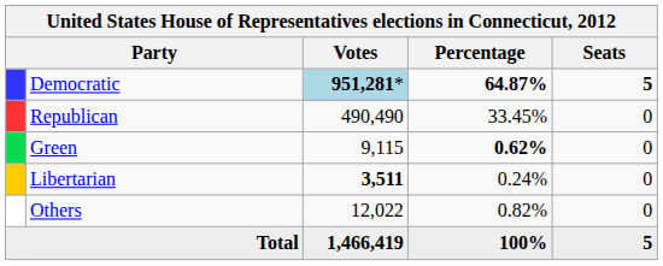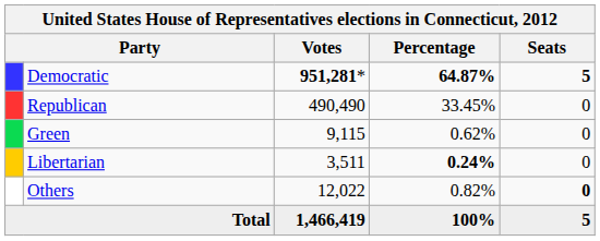 <table class="wikitable" style="font-size: 95%;">
 <tr>
 <th colspan="6">United States House of Representatives elections in Connecticut, 2012</th>
 </tr>
 <tr>
 <th colspan=2 style="width: 15em">Party</th>
 <th style="width: 5em">Votes</th>
 <th style="width: 7em">Percentage</th>
 <th style="width: 5em">Seats</th>
 </tr>
 <tr>
 <th style="background-color:#3333FF; width: 3px"></th>
 <td style="width: 130px"><a href='#'>Democratic</a></td>
-<td align="right" style="background: lightblue;"><strong>951,281</strong>*</td>
+<td align="right"><strong>951,281</strong>*</td>
 <td align="right"><strong>64.87%</strong></td>
 <td align="right"><strong>5</strong></td>
 </tr>
 <tr>
 <th style="background-color:#FF3333; width: 3px"></th>
 <td style="width: 130px"><a href='#'>Republican</a></td>
 <td align="right">490,490</td>
 <td align="right">33.45%</td>
 <td align="right">0</td>
 </tr>
 <tr>
 <th style="background-color:#0BDA51; width: 3px"></th>
 <td style="width: 130px"><a href='#'>Green</a></td>
 <td align="right">9,115</td>
-<td align="right"><strong>0.62%</strong></td>
+<td align="right">0.62%</td>
 <td align="right">0</td>
 </tr>
 <tr>
 <th style="background-color:#FFCC00; width: 3px"></th>
 <td style="width: 130px"><a href='#'>Libertarian</a></td>
-<td align="right"><strong>3,511</strong></td>
-<td align="right">0.24%</td>
+<td align="right">3,511</td>
+<td align="right"><strong>0.24%</strong></td>
 <td align="right">0</td>
 </tr>
 <tr>
 <th style="background-color:white; width: 3px"></th>
 <td style="width: 130px"><a href='#'>Others</a></td>
 <td align="right">12,022</td>
 <td align="right">0.82%</td>
-<td align="right">0</td>
+<td align="right"><strong>0</strong></td>
 </tr>
 <tr bgcolor="#EEEEEE">
 <td colspan="2" align="right"><strong>Total</strong></td>
 <td align="right"><strong>1,466,419</strong></td>
 <td align="right"><strong>100%</strong></td>
 <td align="right"><strong>5</strong></td>
 </tr>
 </table>
